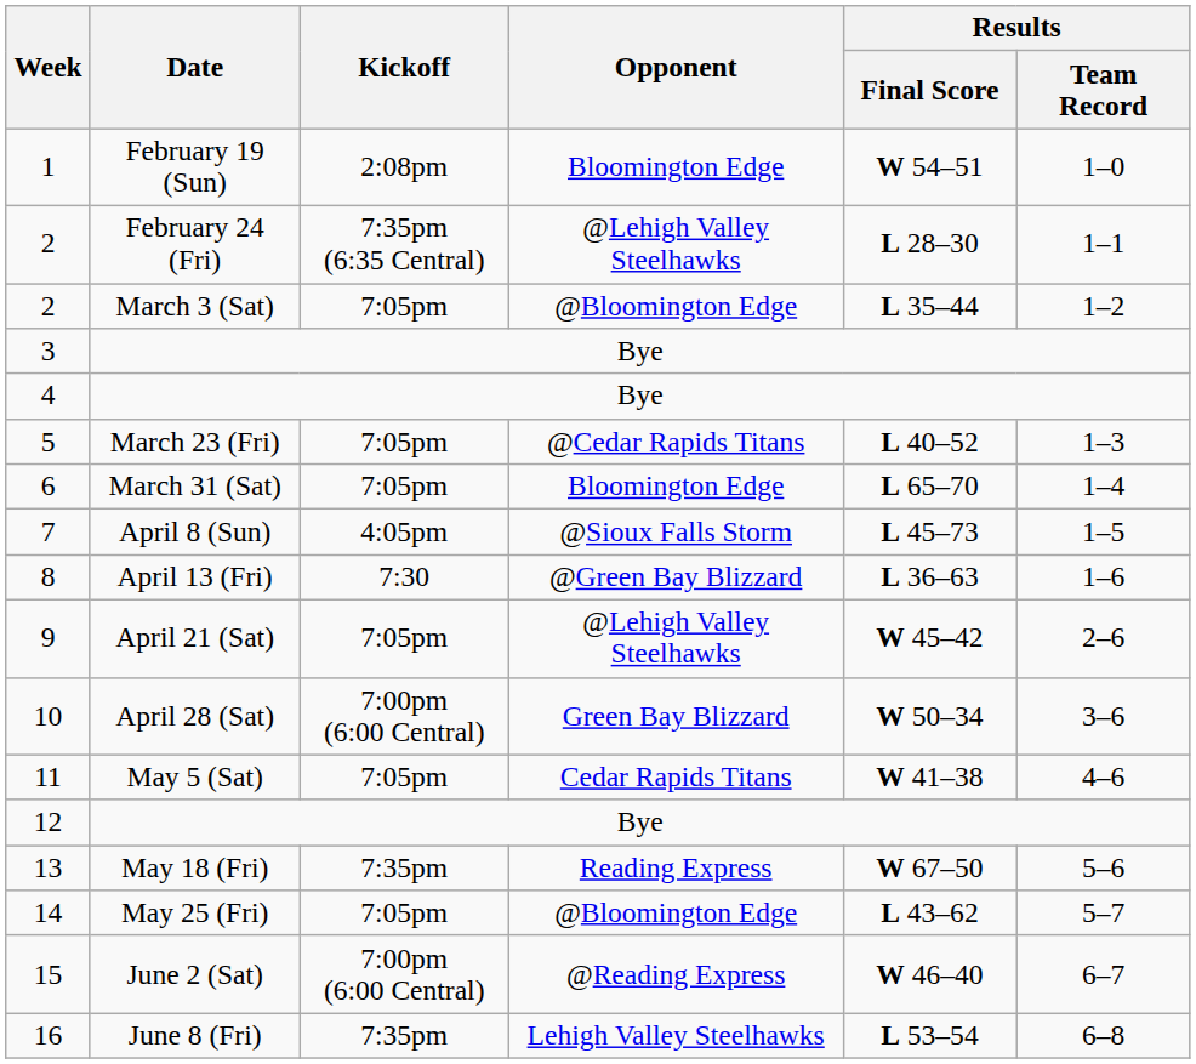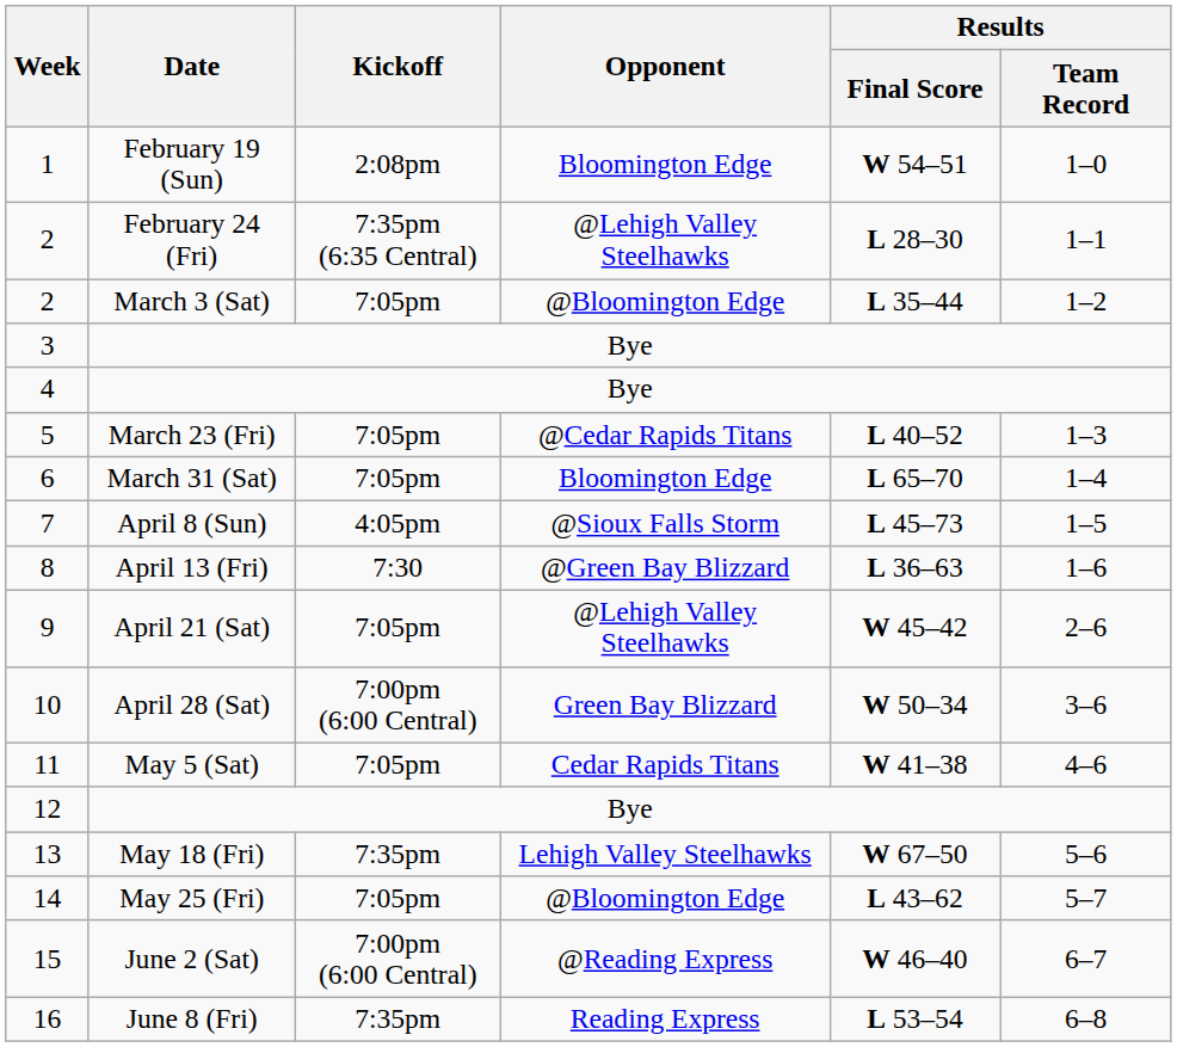 <table class="wikitable">
 <tr>
 <th rowspan="2" width="40">Week</th>
 <th rowspan="2" width="110">Date</th>
 <th rowspan="2" width="110">Kickoff</th>
 <th rowspan="2" width="180">Opponent</th>
 <th colspan="2" width="180">Results</th>
 </tr>
 <tr>
 <th width="90">Final Score</th>
 <th width="90">Team Record</th>
 </tr>
 <tr>
 <td align="center">1</td>
 <td align="center">February 19 (Sun)</td>
 <td align="center">2:08pm</td>
 <td align="center"><a href='#'>Bloomington Edge</a></td>
 <td align="center"><strong>W</strong> 54–51</td>
 <td align="center">1–0</td>
 </tr>
 <tr>
 <td align="center">2</td>
 <td align="center">February 24 (Fri)</td>
 <td align="center">7:35pm<br>(6:35 Central)</td>
 <td align="center">@<a href='#'>Lehigh Valley Steelhawks</a></td>
 <td align="center"><strong>L</strong> 28–30</td>
 <td align="center">1–1</td>
 </tr>
 <tr>
 <td align="center">2</td>
 <td align="center">March 3 (Sat)</td>
 <td align="center">7:05pm</td>
 <td align="center">@<a href='#'>Bloomington Edge</a></td>
 <td align="center"><strong>L</strong> 35–44</td>
 <td align="center">1–2</td>
 </tr>
 <tr>
 <td align="center">3</td>
 <td colSpan=5 align="center">Bye</td>
 </tr>
 <tr>
 <td align="center">4</td>
 <td colSpan=5 align="center">Bye</td>
 </tr>
 <tr>
 <td align="center">5</td>
 <td align="center">March 23 (Fri)</td>
 <td align="center">7:05pm</td>
 <td align="center">@<a href='#'>Cedar Rapids Titans</a></td>
 <td align="center"><strong>L</strong> 40–52</td>
 <td align="center">1–3</td>
 </tr>
 <tr>
 <td align="center">6</td>
 <td align="center">March 31 (Sat)</td>
 <td align="center">7:05pm</td>
 <td align="center"><a href='#'>Bloomington Edge</a></td>
 <td align="center"><strong>L</strong> 65–70</td>
 <td align="center">1–4</td>
 </tr>
 <tr>
 <td align="center">7</td>
 <td align="center">April 8 (Sun)</td>
 <td align="center">4:05pm</td>
 <td align="center">@<a href='#'>Sioux Falls Storm</a></td>
 <td align="center"><strong>L</strong> 45–73</td>
 <td align="center">1–5</td>
 </tr>
 <tr>
 <td align="center">8</td>
 <td align="center">April 13 (Fri)</td>
 <td align="center">7:30</td>
 <td align="center">@<a href='#'>Green Bay Blizzard</a></td>
 <td align="center"><strong>L</strong> 36–63</td>
 <td align="center">1–6</td>
 </tr>
 <tr>
 <td align="center">9</td>
 <td align="center">April 21 (Sat)</td>
 <td align="center">7:05pm</td>
 <td align="center">@<a href='#'>Lehigh Valley Steelhawks</a></td>
 <td align="center"><strong>W</strong> 45–42</td>
 <td align="center">2–6</td>
 </tr>
 <tr>
 <td align="center">10</td>
 <td align="center">April 28 (Sat)</td>
 <td align="center">7:00pm<br>(6:00 Central)</td>
 <td align="center"><a href='#'>Green Bay Blizzard</a></td>
 <td align="center"><strong>W</strong> 50–34</td>
 <td align="center">3–6</td>
 </tr>
 <tr>
 <td align="center">11</td>
 <td align="center">May 5 (Sat)</td>
 <td align="center">7:05pm</td>
 <td align="center"><a href='#'>Cedar Rapids Titans</a></td>
 <td align="center"><strong>W</strong> 41–38</td>
 <td align="center">4–6</td>
 </tr>
 <tr>
 <td align="center">12</td>
 <td colSpan=5 align="center">Bye</td>
 </tr>
 <tr>
 <td align="center">13</td>
 <td align="center">May 18 (Fri)</td>
 <td align="center">7:35pm</td>
-<td align="center"><a href='#'>Reading Express</a></td>
+<td align="center"><a href='#'>Lehigh Valley Steelhawks</a></td>
 <td align="center"><strong>W</strong> 67–50</td>
 <td align="center">5–6</td>
 </tr>
 <tr>
 <td align="center">14</td>
 <td align="center">May 25 (Fri)</td>
 <td align="center">7:05pm</td>
 <td align="center">@<a href='#'>Bloomington Edge</a></td>
 <td align="center"><strong>L</strong> 43–62</td>
 <td align="center">5–7</td>
 </tr>
 <tr>
 <td align="center">15</td>
 <td align="center">June 2 (Sat)</td>
 <td align="center">7:00pm<br>(6:00 Central)</td>
 <td align="center">@<a href='#'>Reading Express</a></td>
 <td align="center"><strong>W</strong> 46–40</td>
 <td align="center">6–7</td>
 </tr>
 <tr>
 <td align="center">16</td>
 <td align="center">June 8 (Fri)</td>
 <td align="center">7:35pm</td>
-<td align="center"><a href='#'>Lehigh Valley Steelhawks</a></td>
+<td align="center"><a href='#'>Reading Express</a></td>
 <td align="center"><strong>L</strong> 53–54</td>
 <td align="center">6–8</td>
 </tr>
 </table>
